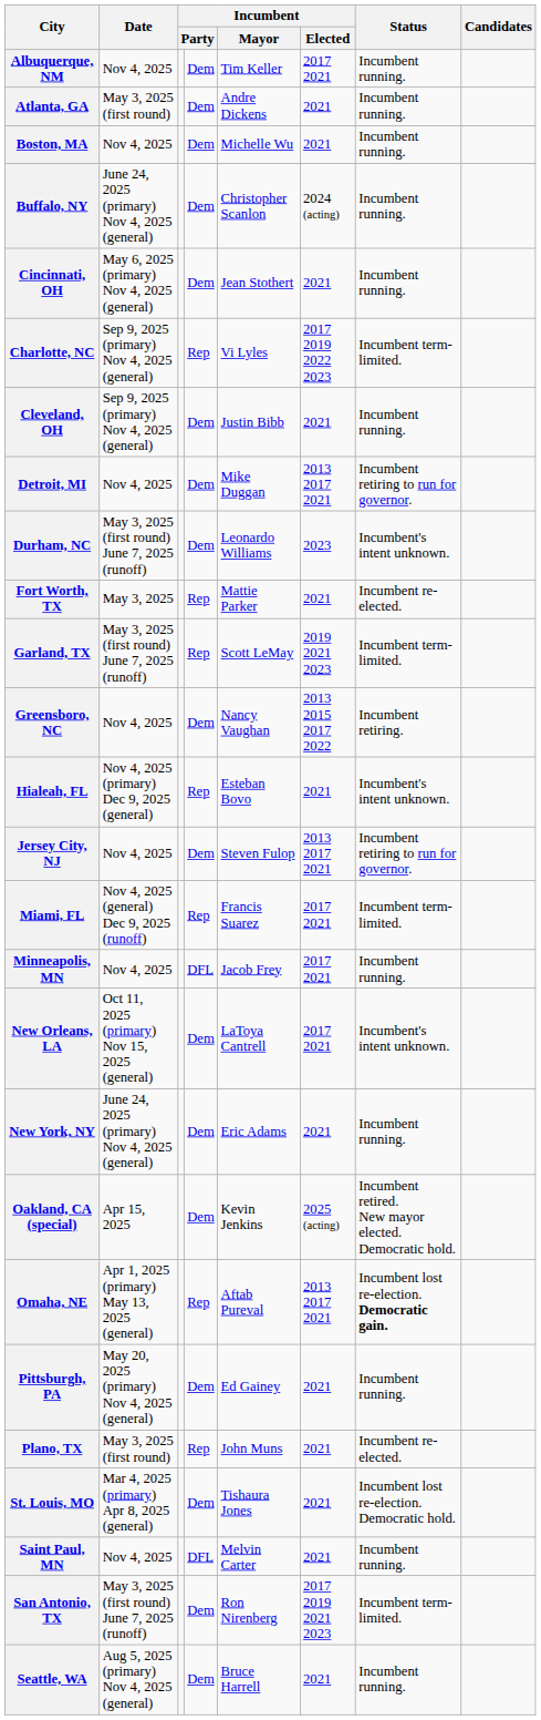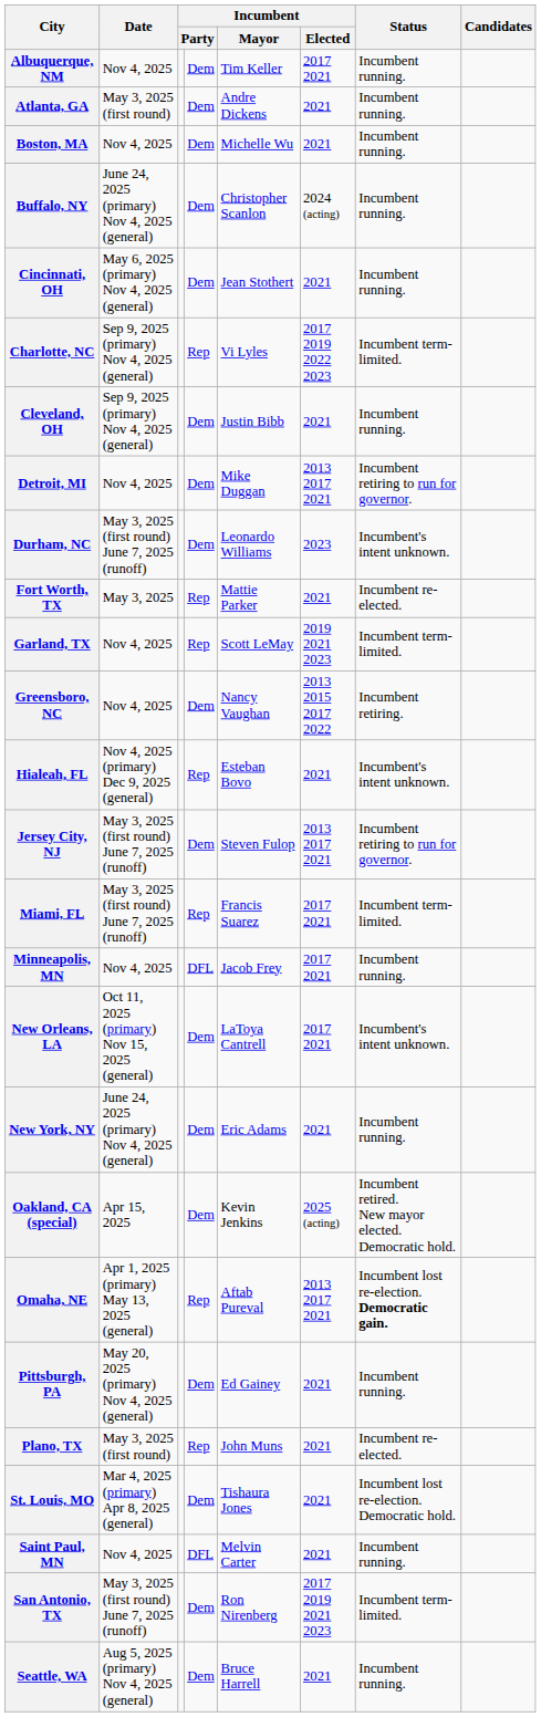 <table class="wikitable sortable">
 <tr>
 <th rowspan="2">City</th>
 <th rowspan="2">Date</th>
 <th colspan=4>Incumbent</th>
 <th rowspan="2">Status</th>
 <th rowspan="2">Candidates</th>
 </tr>
 <tr>
 <th colspan=2 align="center">Party</th>
 <th align="center">Mayor</th>
 <th align="center">Elected</th>
 </tr>
 <tr>
 <th><a href='#'>Albuquerque, NM</a></th>
 <td data-sort-value=1104>Nov 4, 2025</td>
 <td style="background-color:"></td>
 <td><a href='#'>Dem</a></td>
 <td><a href='#'>Tim Keller</a></td>
 <td><a href='#'>2017</a><br><a href='#'>2021</a></td>
 <td>Incumbent running.</td>
 <td Nowrap></td>
 </tr>
 <tr>
 <th><a href='#'>Atlanta, GA</a></th>
 <td data-sort-value=0503>May 3, 2025 (first round)</td>
 <td style="background-color:"></td>
 <td><a href='#'>Dem</a></td>
 <td><a href='#'>Andre Dickens</a></td>
 <td><a href='#'>2021</a></td>
 <td>Incumbent running.</td>
 <td Nowrap></td>
 </tr>
 <tr>
 <th><a href='#'>Boston, MA</a></th>
 <td data-sort-value=1104>Nov 4, 2025</td>
 <td style="background-color:"></td>
 <td><a href='#'>Dem</a></td>
 <td><a href='#'>Michelle Wu</a></td>
 <td><a href='#'>2021</a></td>
 <td>Incumbent running.</td>
 <td Nowrap></td>
 </tr>
 <tr>
 <th><a href='#'>Buffalo, NY</a></th>
 <td data-sort-value=1104>June 24, 2025 (primary)<br>Nov 4, 2025 (general)</td>
 <td style="background-color:"></td>
 <td><a href='#'>Dem</a></td>
 <td><a href='#'>Christopher Scanlon</a></td>
 <td>2024 <small>(acting)</small></td>
 <td>Incumbent running.</td>
 <td Nowrap></td>
 </tr>
 <tr>
 <th><a href='#'>Cincinnati, OH</a></th>
 <td data-sort-value=1104>May 6, 2025 (primary)<br>Nov 4, 2025 (general)</td>
 <td style="background-color:"></td>
 <td><a href='#'>Dem</a></td>
 <td><a href='#'>Jean Stothert</a></td>
 <td><a href='#'>2021</a></td>
 <td>Incumbent running.</td>
 <td Nowrap></td>
 </tr>
 <tr>
 <th><a href='#'>Charlotte, NC</a></th>
 <td data-sort-value=1104>Sep 9, 2025 (primary)<br> Nov 4, 2025 (general)</td>
 <td style="background-color:"></td>
 <td><a href='#'>Rep</a></td>
 <td><a href='#'>Vi Lyles</a></td>
 <td><a href='#'>2017</a><br><a href='#'>2019</a><br><a href='#'>2022</a><br><a href='#'>2023</a></td>
 <td>Incumbent term-limited.</td>
 <td></td>
 </tr>
 <tr>
 <th><a href='#'>Cleveland, OH</a></th>
 <td data-sort-value=1104>Sep 9, 2025 (primary)<br> Nov 4, 2025 (general)</td>
 <td style="background-color:"></td>
 <td><a href='#'>Dem</a></td>
 <td><a href='#'>Justin Bibb</a></td>
 <td><a href='#'>2021</a></td>
 <td>Incumbent running.</td>
 <td Nowrap></td>
 </tr>
 <tr>
 <th><a href='#'>Detroit, MI</a></th>
 <td data-sort-value=1104>Nov 4, 2025</td>
 <td style="background-color:"></td>
 <td><a href='#'>Dem</a></td>
 <td><a href='#'>Mike Duggan</a></td>
 <td><a href='#'>2013</a><br><a href='#'>2017</a><br><a href='#'>2021</a></td>
 <td>Incumbent retiring to <a href='#'>run for governor</a>.</td>
 <td Nowrap></td>
 </tr>
 <tr>
 <th><a href='#'>Durham, NC</a></th>
 <td data-sort-value=0607>May 3, 2025 (first round)<br>June 7, 2025 (runoff)</td>
 <td style="background-color:"></td>
 <td><a href='#'>Dem</a></td>
 <td><a href='#'>Leonardo Williams</a></td>
 <td><a href='#'>2023</a></td>
 <td>Incumbent's intent unknown.</td>
 <td></td>
 </tr>
 <tr>
 <th><a href='#'>Fort Worth, TX</a></th>
 <td data-sort-value=0503>May 3, 2025</td>
 <td style="background-color:"></td>
 <td><a href='#'>Rep</a></td>
 <td><a href='#'>Mattie Parker</a></td>
 <td><a href='#'>2021</a></td>
 <td>Incumbent re-elected.</td>
 <td Nowrap></td>
 </tr>
 <tr>
 <th><a href='#'>Garland, TX</a></th>
-<td data-sort-value=0607>May 3, 2025 (first round)<br>June 7, 2025 (runoff)</td>
+<td data-sort-value=1104>Nov 4, 2025</td>
 <td style="background-color:"></td>
 <td><a href='#'>Rep</a></td>
 <td><a href='#'>Scott LeMay</a></td>
 <td><a href='#'>2019</a><br><a href='#'>2021</a><br><a href='#'>2023</a></td>
 <td>Incumbent term-limited.</td>
 <td Nowrap></td>
 </tr>
 <tr>
 <th><a href='#'>Greensboro, NC</a></th>
 <td data-sort-value=1104>Nov 4, 2025</td>
 <td style="background-color:"></td>
 <td><a href='#'>Dem</a></td>
 <td><a href='#'>Nancy Vaughan</a></td>
 <td><a href='#'>2013</a><br><a href='#'>2015</a><br><a href='#'>2017</a><br><a href='#'>2022</a></td>
 <td>Incumbent retiring.</td>
 <td Nowrap></td>
 </tr>
 <tr>
 <th><a href='#'>Hialeah, FL</a></th>
 <td data-sort-value=1209>Nov 4, 2025 (primary)<br>Dec 9, 2025 (general)</td>
 <td style="background-color:"></td>
 <td><a href='#'>Rep</a></td>
 <td><a href='#'>Esteban Bovo</a></td>
 <td><a href='#'>2021</a></td>
 <td>Incumbent's intent unknown.</td>
 <td></td>
 </tr>
 <tr>
 <th><a href='#'>Jersey City, NJ</a></th>
-<td data-sort-value=1104>Nov 4, 2025</td>
+<td data-sort-value=0607>May 3, 2025 (first round)<br>June 7, 2025 (runoff)</td>
 <td style="background-color:"></td>
 <td><a href='#'>Dem</a></td>
 <td><a href='#'>Steven Fulop</a></td>
 <td><a href='#'>2013</a><br><a href='#'>2017</a><br><a href='#'>2021</a></td>
 <td>Incumbent retiring to <a href='#'>run for governor</a>.</td>
 <td Nowrap></td>
 </tr>
 <tr>
 <th><a href='#'>Miami, FL</a></th>
-<td data-sort-value=1104>Nov 4, 2025 (general)<br>Dec 9, 2025 (<a href='#'>runoff</a>)</td>
+<td data-sort-value=0607>May 3, 2025 (first round)<br>June 7, 2025 (runoff)</td>
 <td style="background-color:"></td>
 <td><a href='#'>Rep</a></td>
 <td><a href='#'>Francis Suarez</a></td>
 <td><a href='#'>2017</a><br><a href='#'>2021</a></td>
 <td>Incumbent term-limited.</td>
 <td Nowrap></td>
 </tr>
 <tr>
 <th><a href='#'>Minneapolis, MN</a></th>
 <td data-sort-value=1104>Nov 4, 2025</td>
 <td style="background-color:"></td>
 <td><a href='#'>DFL</a></td>
 <td><a href='#'>Jacob Frey</a></td>
 <td><a href='#'>2017</a><br><a href='#'>2021</a></td>
 <td>Incumbent running.</td>
 <td Nowrap></td>
 </tr>
 <tr>
 <th><a href='#'>New Orleans, LA</a></th>
 <td data-sort-value=1011>Oct 11, 2025 (<a href='#'>primary</a>)<br>Nov 15, 2025 (general)</td>
 <td style="background-color:"></td>
 <td><a href='#'>Dem</a></td>
 <td><a href='#'>LaToya Cantrell</a></td>
 <td><a href='#'>2017</a><br><a href='#'>2021</a></td>
 <td>Incumbent's intent unknown.</td>
 <td Nowrap></td>
 </tr>
 <tr>
 <th><a href='#'>New York, NY</a></th>
 <td data-sort-value=1104>June 24, 2025 (primary)<br>Nov 4, 2025 (general)</td>
 <td style="background-color:"></td>
 <td><a href='#'>Dem</a></td>
 <td><a href='#'>Eric Adams</a></td>
 <td><a href='#'>2021</a></td>
 <td>Incumbent running.</td>
 <td Nowrap></td>
 </tr>
 <tr>
 <th><a href='#'>Oakland, CA<br>(special)</a></th>
 <td data-sort-value=0415>Apr 15, 2025</td>
 <td style="background-color:"></td>
 <td><a href='#'>Dem</a></td>
 <td>Kevin Jenkins</td>
 <td><a href='#'>2025</a> <small>(acting)</small></td>
 <td>Incumbent retired.<br>New mayor elected.<br>Democratic hold.</td>
 <td Nowrap></td>
 </tr>
 <tr>
 <th><a href='#'>Omaha, NE</a></th>
 <td data-sort-value=0513>Apr 1, 2025 (primary)<br>May 13, 2025 (general)</td>
 <td style="background-color:"></td>
 <td><a href='#'>Rep</a></td>
 <td><a href='#'>Aftab Pureval</a></td>
 <td><a href='#'>2013</a><br><a href='#'>2017</a><br><a href='#'>2021</a></td>
 <td>Incumbent lost re-election.<br><strong>Democratic gain.</strong></td>
 <td Nowrap></td>
 </tr>
 <tr>
 <th><a href='#'>Pittsburgh, PA</a></th>
 <td data-sort-value=1104>May 20, 2025 (primary)<br>Nov 4, 2025 (general)</td>
 <td style="background-color:"></td>
 <td><a href='#'>Dem</a></td>
 <td><a href='#'>Ed Gainey</a></td>
 <td><a href='#'>2021</a></td>
 <td>Incumbent running.</td>
 <td Nowrap></td>
 </tr>
 <tr>
 <th><a href='#'>Plano, TX</a></th>
 <td data-sort-value=0503>May 3, 2025 (first round)</td>
 <td style="background-color:"></td>
 <td><a href='#'>Rep</a></td>
 <td><a href='#'>John Muns</a></td>
 <td><a href='#'>2021</a></td>
 <td>Incumbent re-elected.</td>
 <td Nowrap></td>
 </tr>
 <tr>
 <th><a href='#'>St. Louis, MO</a></th>
 <td data-sort-value=0408>Mar 4, 2025 (<a href='#'>primary</a>)<br>Apr 8, 2025 (general)</td>
 <td style="background-color:"></td>
 <td><a href='#'>Dem</a></td>
 <td><a href='#'>Tishaura Jones</a></td>
 <td><a href='#'>2021</a></td>
 <td>Incumbent lost re-election.<br>Democratic hold.</td>
 <td Nowrap></td>
 </tr>
 <tr>
 <th><a href='#'>Saint Paul, MN</a></th>
 <td data-sort-value=1104>Nov 4, 2025</td>
 <td style="background-color:"></td>
 <td><a href='#'>DFL</a></td>
 <td><a href='#'>Melvin Carter</a></td>
 <td><a href='#'>2021</a></td>
 <td>Incumbent running.</td>
 <td Nowrap></td>
 </tr>
 <tr>
 <th><a href='#'>San Antonio, TX</a></th>
 <td data-sort-value=0607>May 3, 2025 (first round)<br>June 7, 2025 (runoff)</td>
 <td style="background-color:"></td>
 <td><a href='#'>Dem</a></td>
 <td><a href='#'>Ron Nirenberg</a></td>
 <td><a href='#'>2017</a><br><a href='#'>2019</a><br><a href='#'>2021</a><br><a href='#'>2023</a></td>
 <td>Incumbent term-limited.</td>
 <td Nowrap></td>
 </tr>
 <tr>
 <th><a href='#'>Seattle, WA</a></th>
 <td data-sort-value=1104>Aug 5, 2025 (primary)<br>Nov 4, 2025 (general)</td>
 <td style="background-color:"></td>
 <td><a href='#'>Dem</a></td>
 <td><a href='#'>Bruce Harrell</a></td>
 <td><a href='#'>2021</a></td>
 <td>Incumbent running.</td>
 <td Nowrap></td>
 </tr>
 </table>
